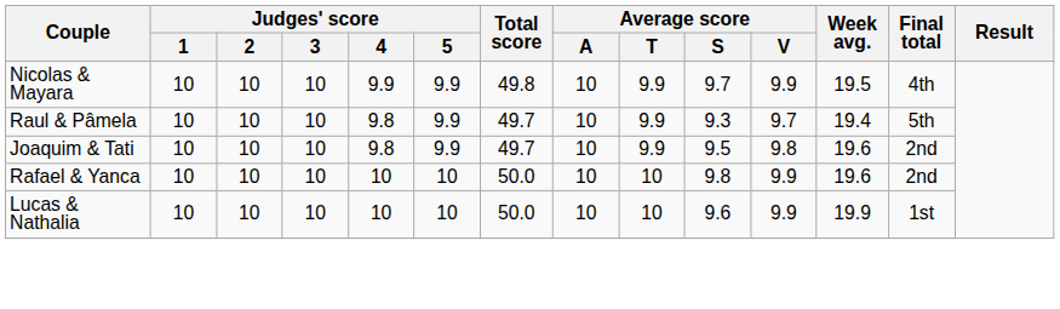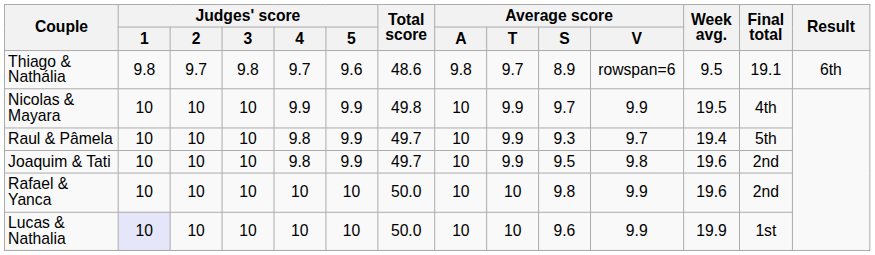 <table class="wikitable" style="font-size:100%; line-height:16px; text-align:center" width="100%">
 <tr>
 <th rowspan=2 style="width:11.0%;">Couple</th>
 <th colspan=5 style="width:25.0%;">Judges' score</th>
 <th rowspan=2 style="width:05.0%;">Total score</th>
 <th colspan=4 style="width:20.0%;">Average score</th>
 <th rowspan=2 style="width:05.0%;">Week avg.</th>
 <th rowspan=2 style="width:05.0%;">Final total</th>
 <th rowspan=2 style="width:07.5%;">Result</th>
 </tr>
 <tr>
 <th style="width:05.0%;">1</th>
 <th style="width:05.0%;">2</th>
 <th style="width:05.0%;">3</th>
 <th style="width:05.0%;">4</th>
 <th style="width:05.0%;">5</th>
 <th style="width:05.0%;">A</th>
 <th style="width:05.0%;">T</th>
 <th style="width:05.0%;">S</th>
 <th style="width:05.0%;">V</th>
+</tr>
+<tr>
+<td align="left">Thiago & Nathália</td>
+<td>9.8</td>
+<td>9.7</td>
+<td>9.8</td>
+<td>9.7</td>
+<td>9.6</td>
+<td>48.6</td>
+<td>9.8</td>
+<td>9.7</td>
+<td>8.9</td>
+<td>rowspan=6 </td>
+<td>9.5</td>
+<td>19.1</td>
+<td>6th</td>
 </tr>
 <tr>
 <td align="left">Nicolas & Mayara</td>
 <td>10</td>
 <td>10</td>
 <td>10</td>
 <td>9.9</td>
 <td>9.9</td>
 <td>49.8</td>
 <td>10</td>
 <td>9.9</td>
 <td>9.7</td>
 <td>9.9</td>
 <td>19.5</td>
 <td>4th</td>
 </tr>
 <tr>
 <td align="left">Raul & Pâmela</td>
 <td>10</td>
 <td>10</td>
 <td>10</td>
 <td>9.8</td>
 <td>9.9</td>
 <td>49.7</td>
 <td>10</td>
 <td>9.9</td>
 <td>9.3</td>
 <td>9.7</td>
 <td>19.4</td>
 <td>5th</td>
 </tr>
 <tr>
 <td align="left">Joaquim & Tati</td>
 <td>10</td>
 <td>10</td>
 <td>10</td>
 <td>9.8</td>
 <td>9.9</td>
 <td>49.7</td>
 <td>10</td>
 <td>9.9</td>
 <td>9.5</td>
 <td>9.8</td>
 <td>19.6</td>
 <td>2nd</td>
 </tr>
 <tr>
 <td align="left">Rafael & Yanca</td>
 <td>10</td>
 <td>10</td>
 <td>10</td>
 <td>10</td>
 <td>10</td>
 <td>50.0</td>
 <td>10</td>
 <td>10</td>
 <td>9.8</td>
 <td>9.9</td>
 <td>19.6</td>
 <td>2nd</td>
 </tr>
 <tr>
 <td align="left">Lucas & Nathalia</td>
-<td>10</td>
+<td style="background: lavender;">10</td>
 <td>10</td>
 <td>10</td>
 <td>10</td>
 <td>10</td>
 <td>50.0</td>
 <td>10</td>
 <td>10</td>
 <td>9.6</td>
 <td>9.9</td>
 <td>19.9</td>
 <td>1st</td>
 </tr>
 <tr>
 </tr>
 </table>
